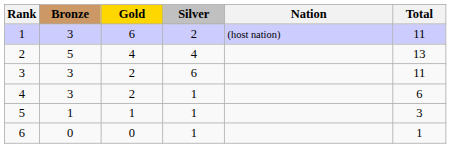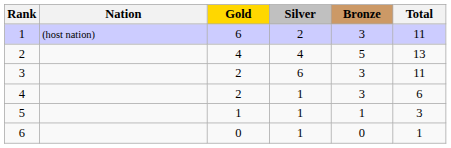 <table class="wikitable sortable plainrowheaders" style="text-align:center;max-width: 15cm; width: 100%">
 <tr>
 <th scope="col" style="width:4%">Rank</th>
-<th scope="col" style="background-color:#cc9966; width:14%;">Bronze</th>
+<th scope="col">Nation</th>
 <th scope="col" style="background-color:gold; width:14%;">Gold</th>
 <th scope="col" style="background-color:silver; width:14%;">Silver</th>
-<th scope="col">Nation</th>
+<th scope="col" style="background-color:#cc9966; width:14%;">Bronze</th>
 <th scope="col" style="width:12%;">Total</th>
 </tr>
 <tr style="background:#ccccff">
 <td>1</td>
-<td>3</td>
+<td align=left> <small>(host nation)</small></td>
 <td>6</td>
 <td>2</td>
-<td align=left> <small>(host nation)</small></td>
+<td>3</td>
 <td>11</td>
 </tr>
 <tr>
 <td>2</td>
-<td>5</td>
+<td align=left></td>
 <td>4</td>
 <td>4</td>
-<td align=left></td>
+<td>5</td>
 <td>13</td>
 </tr>
 <tr>
 <td>3</td>
-<td>3</td>
+<td align=left></td>
 <td>2</td>
 <td>6</td>
-<td align=left></td>
+<td>3</td>
 <td>11</td>
 </tr>
 <tr>
 <td>4</td>
-<td>3</td>
+<td align=left></td>
 <td>2</td>
 <td>1</td>
-<td align=left></td>
+<td>3</td>
 <td>6</td>
 </tr>
 <tr>
 <td>5</td>
+<td align=left></td>
 <td>1</td>
 <td>1</td>
 <td>1</td>
-<td align=left></td>
 <td>3</td>
 </tr>
 <tr>
 <td>6</td>
-<td>0</td>
+<td align=left></td>
 <td>0</td>
 <td>1</td>
-<td align=left></td>
+<td>0</td>
 <td>1</td>
 </tr>
 </table>
